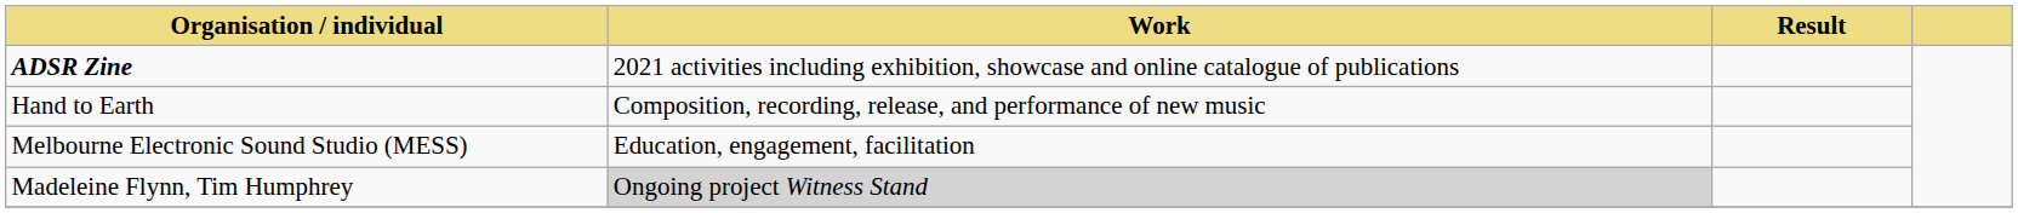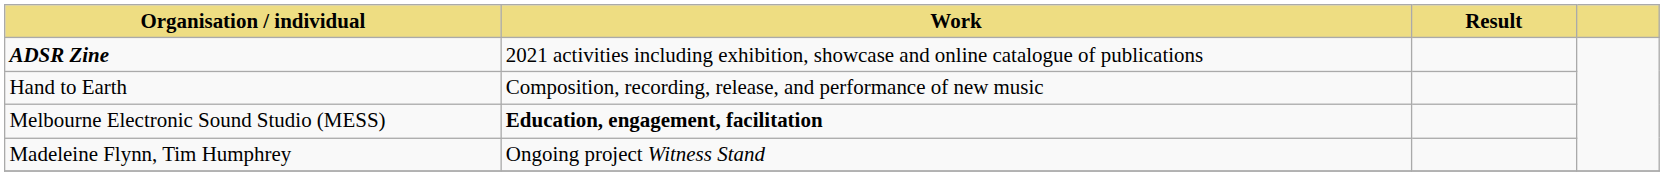 <table class="wikitable" width=100%>
 <tr>
 <th style="width:30%;background:#EEDD82;">Organisation / individual</th>
 <th style="width:55%;background:#EEDD82;">Work</th>
 <th style="width:10%;background:#EEDD82;">Result</th>
 <th style="width:5%;background:#EEDD82;"></th>
 </tr>
 <tr>
 <td><strong><em>ADSR Zine</em></strong></td>
 <td>2021 activities including exhibition, showcase and online catalogue of publications</td>
 <td></td>
 <td rowspan="4"></td>
 </tr>
 <tr>
 <td>Hand to Earth</td>
 <td>Composition, recording, release, and performance of new music</td>
 <td></td>
 </tr>
 <tr>
 <td>Melbourne Electronic Sound Studio (MESS)</td>
-<td>Education, engagement, facilitation</td>
+<td><strong>Education, engagement, facilitation</strong></td>
 <td></td>
 </tr>
 <tr>
 <td>Madeleine Flynn, Tim Humphrey</td>
-<td style="background: lightgrey;">Ongoing project <em>Witness Stand</em></td>
+<td>Ongoing project <em>Witness Stand</em></td>
 <td></td>
 </tr>
 <tr>
 </tr>
 </table>
